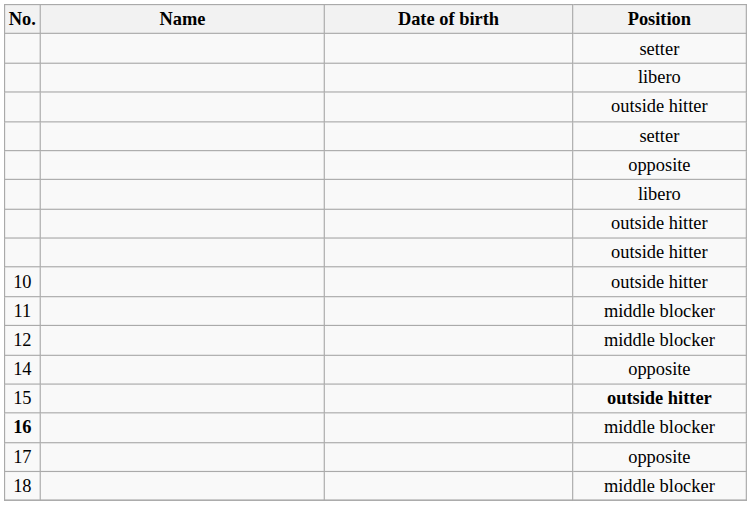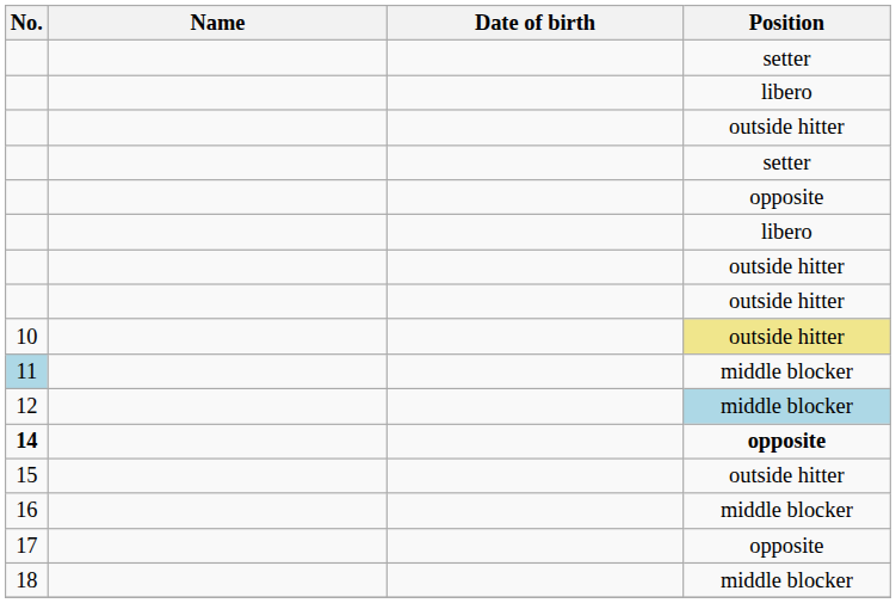 <table class="wikitable sortable" style="font-size:100%; text-align:center;">
 <tr>
 <th>No.</th>
 <th style="width:15em">Name</th>
 <th style="width:13em">Date of birth</th>
 <th style="width:9em">Position</th>
 </tr>
 <tr>
 <td></td>
 <td align=left> </td>
 <td align=right></td>
 <td>setter</td>
 </tr>
 <tr>
 <td></td>
 <td align=left> </td>
 <td align=right></td>
 <td>libero</td>
 </tr>
 <tr>
 <td></td>
 <td align=left> </td>
 <td align=right></td>
 <td>outside hitter</td>
 </tr>
 <tr>
 <td></td>
 <td align=left> </td>
 <td align=right></td>
 <td>setter</td>
 </tr>
 <tr>
 <td></td>
 <td align=left> </td>
 <td align=right></td>
 <td>opposite</td>
 </tr>
 <tr>
 <td></td>
 <td align=left> </td>
 <td align=right></td>
 <td>libero</td>
 </tr>
 <tr>
 <td></td>
 <td align=left> </td>
 <td align=right></td>
 <td>outside hitter</td>
 </tr>
 <tr>
 <td></td>
 <td align=left> </td>
 <td align=right></td>
 <td>outside hitter</td>
 </tr>
 <tr>
 <td>10</td>
 <td align=left> </td>
 <td align=right></td>
-<td>outside hitter</td>
+<td style="background: khaki;">outside hitter</td>
 </tr>
 <tr>
-<td>11</td>
+<td style="background: lightblue;">11</td>
 <td align=left> </td>
 <td align=right></td>
 <td>middle blocker</td>
 </tr>
 <tr>
 <td>12</td>
 <td align=left> </td>
 <td align=right></td>
-<td>middle blocker</td>
+<td style="background: lightblue;">middle blocker</td>
 </tr>
 <tr>
-<td>14</td>
+<td><strong>14</strong></td>
 <td align=left> </td>
 <td align=right></td>
-<td>opposite</td>
+<td><strong>opposite</strong></td>
 </tr>
 <tr>
 <td>15</td>
 <td align=left> </td>
 <td align=right></td>
-<td><strong>outside hitter</strong></td>
+<td>outside hitter</td>
 </tr>
 <tr>
-<td><strong>16</strong></td>
+<td>16</td>
 <td align=left> </td>
 <td align=right></td>
 <td>middle blocker</td>
 </tr>
 <tr>
 <td>17</td>
 <td align=left> </td>
 <td align=right></td>
 <td>opposite</td>
 </tr>
 <tr>
 <td>18</td>
 <td align=left> </td>
 <td align=right></td>
 <td>middle blocker</td>
 </tr>
 <tr>
 </tr>
 </table>
